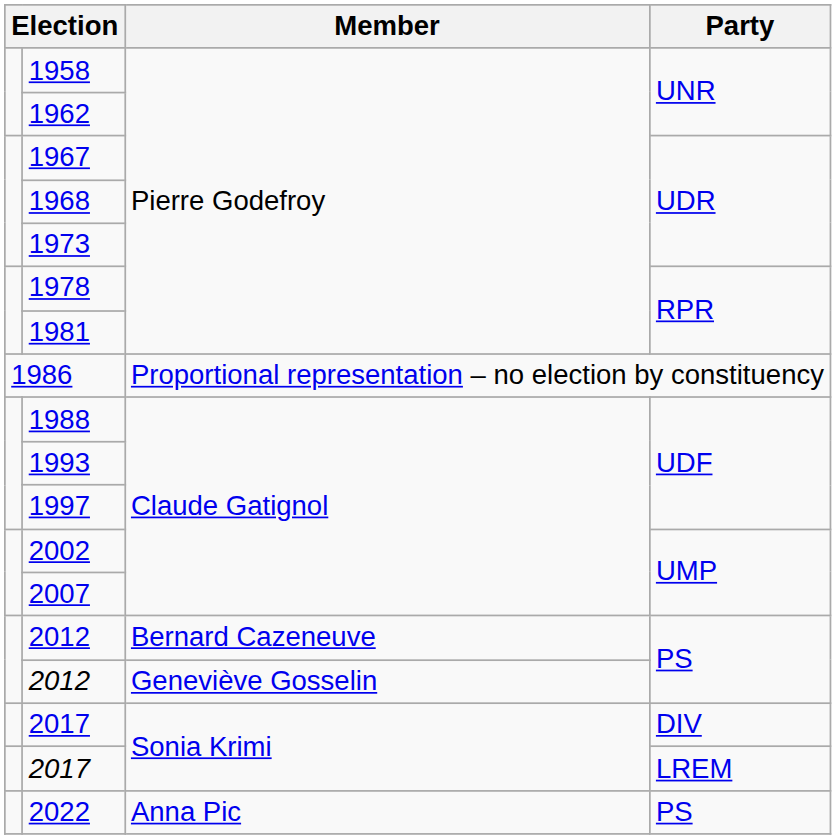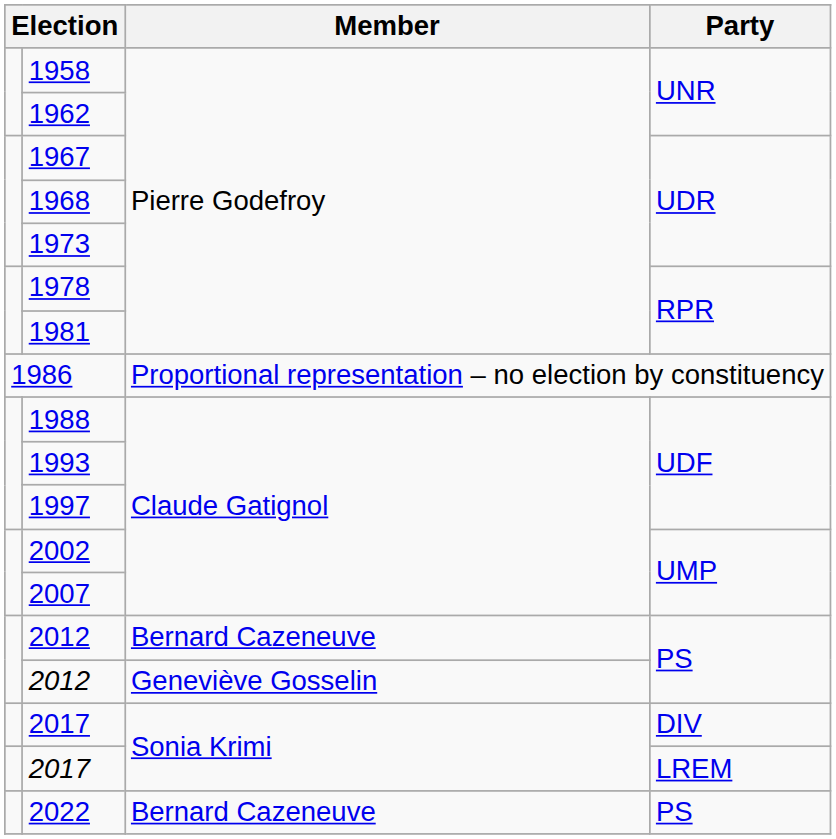 <table class="wikitable">
 <tr>
 <th colspan=2>Election</th>
 <th>Member</th>
 <th>Party</th>
 </tr>
 <tr>
 <td rowspan="2" style="background-color: "></td>
 <td><a href='#'>1958</a></td>
 <td rowspan="7">Pierre Godefroy</td>
 <td rowspan="2"><a href='#'>UNR</a></td>
 </tr>
 <tr>
 <td><a href='#'>1962</a></td>
 </tr>
 <tr>
 <td rowspan="3" style="background-color: "></td>
 <td><a href='#'>1967</a></td>
 <td rowspan="3"><a href='#'>UDR</a></td>
 </tr>
 <tr>
 <td><a href='#'>1968</a></td>
 </tr>
 <tr>
 <td><a href='#'>1973</a></td>
 </tr>
 <tr>
 <td rowspan="2" style="background-color: "></td>
 <td><a href='#'>1978</a></td>
 <td rowspan="2"><a href='#'>RPR</a></td>
 </tr>
 <tr>
 <td><a href='#'>1981</a></td>
 </tr>
 <tr>
 <td colspan="2"><a href='#'>1986</a></td>
 <td colspan="2"><a href='#'>Proportional representation</a> – no election by constituency</td>
 </tr>
 <tr>
 <td rowspan="3" style="background-color: "></td>
 <td><a href='#'>1988</a></td>
 <td rowspan="5"><a href='#'>Claude Gatignol</a></td>
 <td rowspan="3"><a href='#'>UDF</a></td>
 </tr>
 <tr>
 <td><a href='#'>1993</a></td>
 </tr>
 <tr>
 <td><a href='#'>1997</a></td>
 </tr>
 <tr>
 <td rowspan="2" style="background-color: "></td>
 <td><a href='#'>2002</a></td>
 <td rowspan="2"><a href='#'>UMP</a></td>
 </tr>
 <tr>
 <td><a href='#'>2007</a></td>
 </tr>
 <tr>
 <td rowspan="2" style="background-color: "></td>
 <td><a href='#'>2012</a></td>
 <td><a href='#'>Bernard Cazeneuve</a></td>
 <td rowspan="2"><a href='#'>PS</a></td>
 </tr>
 <tr>
 <td><em>2012</em></td>
 <td><a href='#'>Geneviève Gosselin</a></td>
 </tr>
 <tr>
 <td style="background-color: "></td>
 <td><a href='#'>2017</a></td>
 <td rowspan="2"><a href='#'>Sonia Krimi</a></td>
 <td><a href='#'>DIV</a></td>
 </tr>
 <tr>
 <td style="background-color: "></td>
 <td><em>2017</em></td>
 <td><a href='#'>LREM</a></td>
 </tr>
 <tr>
 <td style="background-color: "></td>
 <td><a href='#'>2022</a></td>
-<td><a href='#'>Anna Pic</a></td>
+<td><a href='#'>Bernard Cazeneuve</a></td>
 <td><a href='#'>PS</a></td>
 </tr>
 </table>
